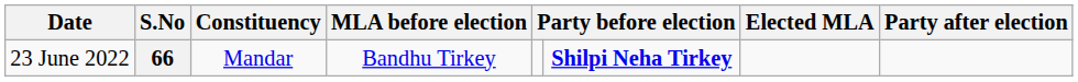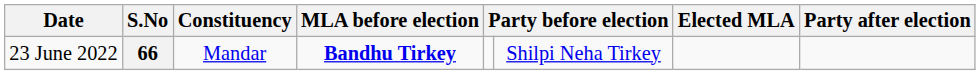 <table class="wikitable sortable" style="text-align:center;">
 <tr>
 <th>Date</th>
 <th>S.No</th>
 <th>Constituency</th>
 <th>MLA before election</th>
 <th colspan="2">Party before election</th>
 <th>Elected MLA</th>
 <th colspan="2">Party after election</th>
 </tr>
 <tr>
 <td>23 June 2022</td>
 <th>66</th>
 <td><a href='#'>Mandar</a></td>
-<td><a href='#'>Bandhu Tirkey</a></td>
+<td><strong><a href='#'>Bandhu Tirkey</a></strong></td>
 <td></td>
-<td><strong><a href='#'>Shilpi Neha Tirkey</a></strong></td>
+<td><a href='#'>Shilpi Neha Tirkey</a></td>
 <td></td>
 </tr>
 </table>
